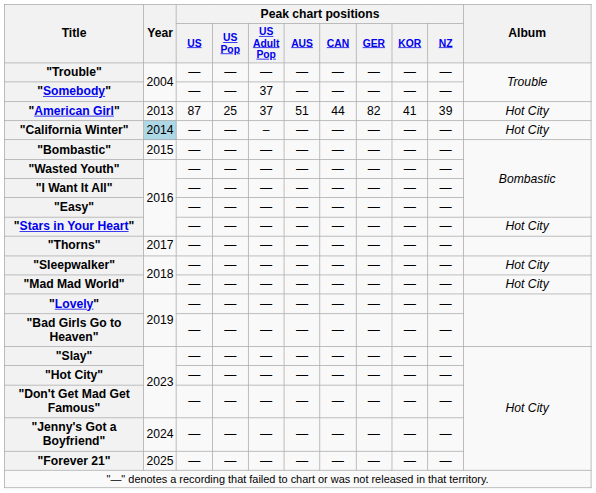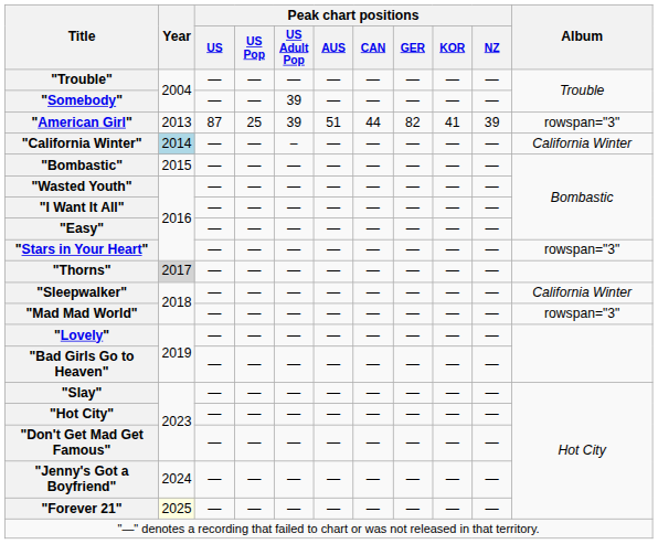 <table class="wikitable plainrowheaders" style="text-align:center;">
 <tr>
 <th scope="col" rowspan="2" style="width:11em;">Title</th>
 <th scope="col" rowspan="2">Year</th>
 <th scope="col" colspan="8">Peak chart positions</th>
 <th scope="col" rowspan="2" style="width:10em;">Album</th>
 </tr>
 <tr>
 <th scope="col" style="width:3em;font-size:85%;"><a href='#'>US</a></th>
 <th scope="col" style="width:3em;font-size:85%;"><a href='#'>US Pop</a><br></th>
 <th scope="col" style="width:3em;font-size:85%;"><a href='#'>US<br>Adult<br>Pop</a><br></th>
 <th scope="col" style="width:3em;font-size:85%;"><a href='#'>AUS</a><br></th>
 <th scope="col" style="width:3em;font-size:85%;"><a href='#'>CAN</a><br></th>
 <th scope="col" style="width:3em;font-size:85%;"><a href='#'>GER</a><br></th>
 <th scope="col" style="width:3em;font-size:85%;"><a href='#'>KOR</a></th>
 <th scope="col" style="width:3em;font-size:85%;"><a href='#'>NZ</a><br></th>
 </tr>
 <tr>
 <th scope="row">"Trouble"</th>
 <td rowspan="2">2004</td>
 <td>—</td>
 <td>—</td>
 <td>—</td>
 <td>—</td>
 <td>—</td>
 <td>—</td>
 <td>—</td>
 <td>—</td>
 <td rowspan="2"><em>Trouble</em></td>
 </tr>
 <tr>
 <th scope="row">"<a href='#'>Somebody</a>"</th>
 <td>—</td>
 <td>—</td>
-<td>37</td>
+<td>39</td>
 <td>—</td>
 <td>—</td>
 <td>—</td>
 <td>—</td>
 <td>—</td>
 </tr>
 <tr>
 <th scope="row">"<a href='#'>American Girl</a>"</th>
 <td>2013</td>
 <td>87</td>
 <td>25</td>
-<td>37</td>
+<td>39</td>
 <td>51</td>
 <td>44</td>
 <td>82</td>
 <td>41</td>
 <td>39</td>
-<td><em>Hot City</em></td>
+<td>rowspan="3" </td>
 </tr>
 <tr>
 <th scope="row">"California Winter"</th>
 <td style="background: lightblue;">2014</td>
 <td>—</td>
 <td>—</td>
 <td>–</td>
 <td>—</td>
 <td>—</td>
 <td>—</td>
 <td>—</td>
 <td>—</td>
-<td><em>Hot City</em></td>
+<td><em>California Winter</em></td>
 </tr>
 <tr>
 <th scope="row">"Bombastic"</th>
 <td>2015</td>
 <td>—</td>
 <td>—</td>
 <td>—</td>
 <td>—</td>
 <td>—</td>
 <td>—</td>
 <td>—</td>
 <td>—</td>
 <td rowspan="4"><em>Bombastic</em></td>
 </tr>
 <tr>
 <th scope="row">"Wasted Youth"</th>
 <td rowspan="4">2016</td>
 <td>—</td>
 <td>—</td>
 <td>—</td>
 <td>—</td>
 <td>—</td>
 <td>—</td>
 <td>—</td>
 <td>—</td>
 </tr>
 <tr>
 <th scope="row">"I Want It All"</th>
 <td>—</td>
 <td>—</td>
 <td>—</td>
 <td>—</td>
 <td>—</td>
 <td>—</td>
 <td>—</td>
 <td>—</td>
 </tr>
 <tr>
 <th scope="row">"Easy"</th>
 <td>—</td>
 <td>—</td>
 <td>—</td>
 <td>—</td>
 <td>—</td>
 <td>—</td>
 <td>—</td>
 <td>—</td>
 </tr>
 <tr>
 <th scope="row">"<a href='#'>Stars in Your Heart</a>"</th>
 <td>—</td>
 <td>—</td>
 <td>—</td>
 <td>—</td>
 <td>—</td>
 <td>—</td>
 <td>—</td>
 <td>—</td>
-<td><em>Hot City</em></td>
+<td>rowspan="3" </td>
 </tr>
 <tr>
 <th scope="row">"Thorns"</th>
-<td>2017</td>
+<td style="background: lightgrey;">2017</td>
 <td>—</td>
 <td>—</td>
 <td>—</td>
 <td>—</td>
 <td>—</td>
 <td>—</td>
 <td>—</td>
 <td>—</td>
 <td></td>
 </tr>
 <tr>
 <th scope="row">"Sleepwalker"</th>
 <td rowspan="2">2018</td>
 <td>—</td>
 <td>—</td>
 <td>—</td>
 <td>—</td>
 <td>—</td>
 <td>—</td>
 <td>—</td>
 <td>—</td>
-<td><em>Hot City</em></td>
+<td><em>California Winter</em></td>
 </tr>
 <tr>
 <th scope="row">"Mad Mad World"</th>
 <td>—</td>
 <td>—</td>
 <td>—</td>
 <td>—</td>
 <td>—</td>
 <td>—</td>
 <td>—</td>
 <td>—</td>
-<td><em>Hot City</em></td>
+<td>rowspan="3" </td>
 </tr>
 <tr>
 <th scope="row">"<a href='#'>Lovely</a>" <br></th>
 <td rowspan="2">2019</td>
 <td>—</td>
 <td>—</td>
 <td>—</td>
 <td>—</td>
 <td>—</td>
 <td>—</td>
 <td>—</td>
 <td>—</td>
 </tr>
 <tr>
 <th scope="row">"Bad Girls Go to Heaven" <br></th>
 <td>—</td>
 <td>—</td>
 <td>—</td>
 <td>—</td>
 <td>—</td>
 <td>—</td>
 <td>—</td>
 <td>—</td>
 </tr>
 <tr>
 <th scope="row">"Slay"</th>
 <td rowspan="3">2023</td>
 <td>—</td>
 <td>—</td>
 <td>—</td>
 <td>—</td>
 <td>—</td>
 <td>—</td>
 <td>—</td>
 <td>—</td>
 <td rowspan="5"><em>Hot City</em></td>
 </tr>
 <tr>
 <th scope="row">"Hot City"</th>
 <td>—</td>
 <td>—</td>
 <td>—</td>
 <td>—</td>
 <td>—</td>
 <td>—</td>
 <td>—</td>
 <td>—</td>
 </tr>
 <tr>
 <th scope="row">"Don't Get Mad Get Famous"</th>
 <td>—</td>
 <td>—</td>
 <td>—</td>
 <td>—</td>
 <td>—</td>
 <td>—</td>
 <td>—</td>
 <td>—</td>
 </tr>
 <tr>
 <th scope="row">"Jenny's Got a Boyfriend"</th>
 <td>2024</td>
 <td>—</td>
 <td>—</td>
 <td>—</td>
 <td>—</td>
 <td>—</td>
 <td>—</td>
 <td>—</td>
 <td>—</td>
 </tr>
 <tr>
 <th scope="row">"Forever 21"</th>
-<td>2025</td>
+<td style="background: lightyellow;">2025</td>
 <td>—</td>
 <td>—</td>
 <td>—</td>
 <td>—</td>
 <td>—</td>
 <td>—</td>
 <td>—</td>
 <td>—</td>
 </tr>
 <tr>
 <td colspan="13" style="font-size:90%">"—" denotes a recording that failed to chart or was not released in that territory.</td>
 </tr>
 </table>
